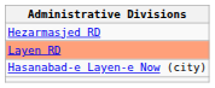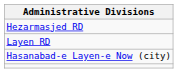 <table class="wikitable">
 <tr>
 <th>Administrative Divisions</th>
 </tr>
 <tr>
 <td><a href='#'>Hezarmasjed RD</a></td>
 </tr>
 <tr>
-<td style="background: lightsalmon;"><a href='#'>Layen RD</a></td>
+<td><a href='#'>Layen RD</a></td>
 </tr>
 <tr>
 <td><a href='#'>Hasanabad-e Layen-e Now</a> (city)</td>
 </tr>
 <tr>
 <td colspan=1></td>
 </tr>
 </table>
